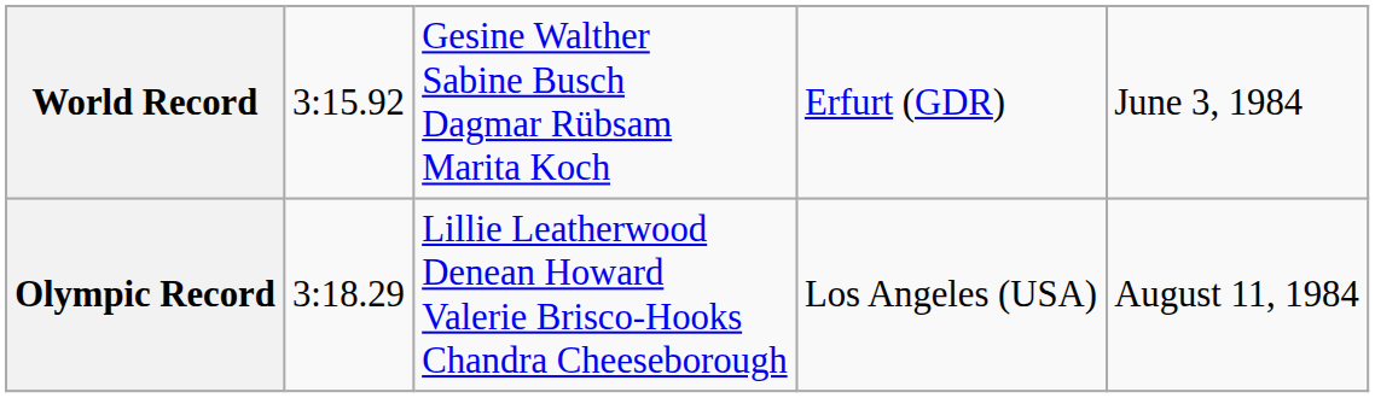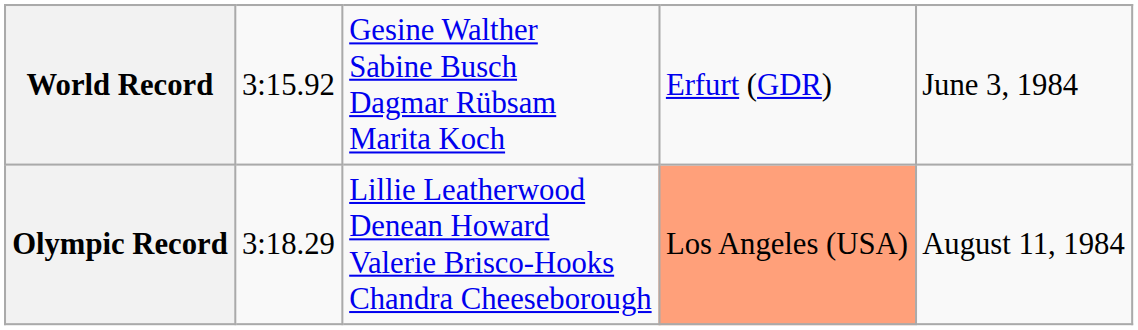 <table class="wikitable" style="font-size:95%;">
 <tr>
 <th>World Record</th>
 <td>3:15.92</td>
 <td><a href='#'>Gesine Walther</a><br><a href='#'>Sabine Busch</a><br><a href='#'>Dagmar Rübsam</a><br> <a href='#'>Marita Koch</a></td>
 <td><a href='#'>Erfurt</a> (<a href='#'>GDR</a>)</td>
 <td>June 3, 1984</td>
 </tr>
 <tr>
 <th>Olympic Record</th>
 <td>3:18.29</td>
 <td> <a href='#'>Lillie Leatherwood</a><br> <a href='#'>Denean Howard</a><br> <a href='#'>Valerie Brisco-Hooks</a><br> <a href='#'>Chandra Cheeseborough</a></td>
-<td>Los Angeles (USA)</td>
+<td style="background: lightsalmon;">Los Angeles (USA)</td>
 <td>August 11, 1984</td>
 </tr>
 </table>
